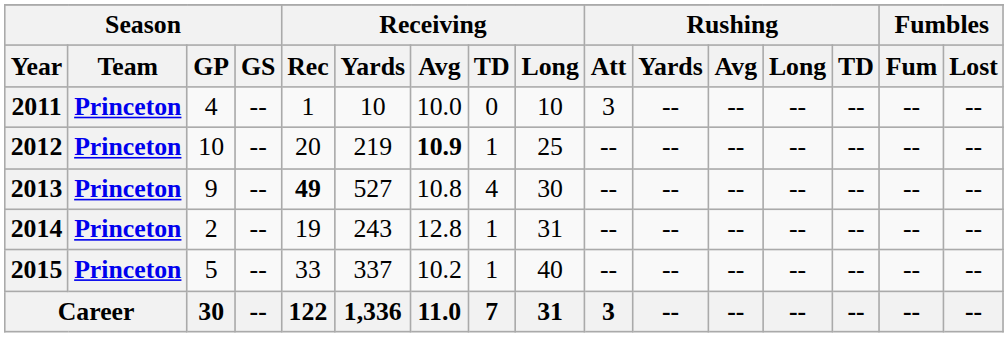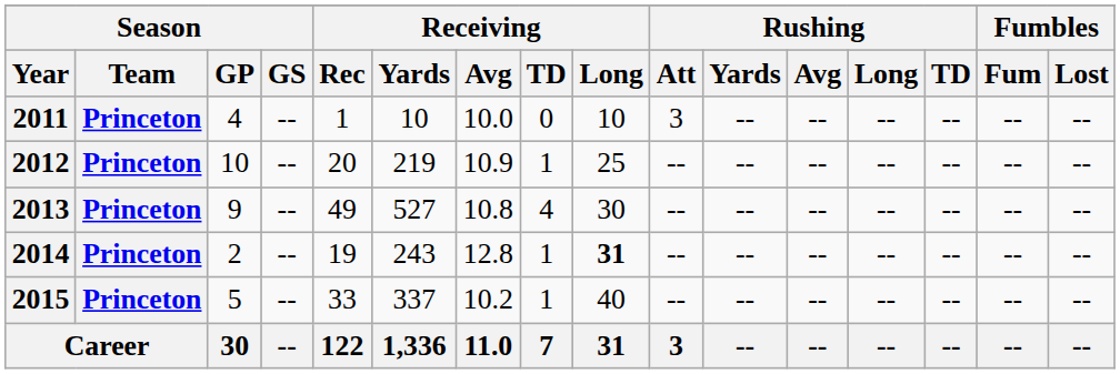 <table class= "wikitable" float="left" border="1" style="text-align:center; width:45%;">
 <tr>
 </tr>
 <tr>
 <th colspan=4>Season</th>
 <th colspan=5>Receiving</th>
 <th colspan=5>Rushing</th>
 <th colspan=2>Fumbles</th>
 </tr>
 <tr>
 <th>Year</th>
 <th>Team</th>
 <th>GP</th>
 <th>GS</th>
 <th>Rec</th>
 <th>Yards</th>
 <th>Avg</th>
 <th>TD</th>
 <th>Long</th>
 <th>Att</th>
 <th>Yards</th>
 <th>Avg</th>
 <th>Long</th>
 <th>TD</th>
 <th>Fum</th>
 <th>Lost</th>
 </tr>
 <tr>
 <th>2011</th>
 <th><a href='#'>Princeton</a></th>
 <td>4</td>
 <td>--</td>
 <td>1</td>
 <td>10</td>
 <td>10.0</td>
 <td>0</td>
 <td>10</td>
 <td>3</td>
 <td>--</td>
 <td>--</td>
 <td>--</td>
 <td>--</td>
 <td>--</td>
 <td>--</td>
 </tr>
 <tr>
 <th>2012</th>
 <th><a href='#'>Princeton</a></th>
 <td>10</td>
 <td>--</td>
 <td>20</td>
 <td>219</td>
-<td><strong>10.9</strong></td>
+<td>10.9</td>
 <td>1</td>
 <td>25</td>
 <td>--</td>
 <td>--</td>
 <td>--</td>
 <td>--</td>
 <td>--</td>
 <td>--</td>
 <td>--</td>
 </tr>
 <tr>
 <th>2013</th>
 <th><a href='#'>Princeton</a></th>
 <td>9</td>
 <td>--</td>
-<td><strong>49</strong></td>
+<td>49</td>
 <td>527</td>
 <td>10.8</td>
 <td>4</td>
 <td>30</td>
 <td>--</td>
 <td>--</td>
 <td>--</td>
 <td>--</td>
 <td>--</td>
 <td>--</td>
 <td>--</td>
 </tr>
 <tr>
 <th>2014</th>
 <th><a href='#'>Princeton</a></th>
 <td>2</td>
 <td>--</td>
 <td>19</td>
 <td>243</td>
 <td>12.8</td>
 <td>1</td>
-<td>31</td>
+<td><strong>31</strong></td>
 <td>--</td>
 <td>--</td>
 <td>--</td>
 <td>--</td>
 <td>--</td>
 <td>--</td>
 <td>--</td>
 </tr>
 <tr>
 <th>2015</th>
 <th><a href='#'>Princeton</a></th>
 <td>5</td>
 <td>--</td>
 <td>33</td>
 <td>337</td>
 <td>10.2</td>
 <td>1</td>
 <td>40</td>
 <td>--</td>
 <td>--</td>
 <td>--</td>
 <td>--</td>
 <td>--</td>
 <td>--</td>
 <td>--</td>
 </tr>
 <tr>
 <th colspan="2">Career</th>
 <th>30</th>
 <th>--</th>
 <th>122</th>
 <th>1,336</th>
 <th>11.0</th>
 <th>7</th>
 <th>31</th>
 <th>3</th>
 <th>--</th>
 <th>--</th>
 <th>--</th>
 <th>--</th>
 <th>--</th>
 <th>--</th>
 </tr>
 </table>
